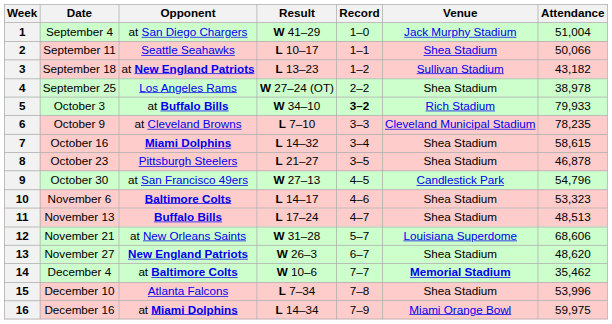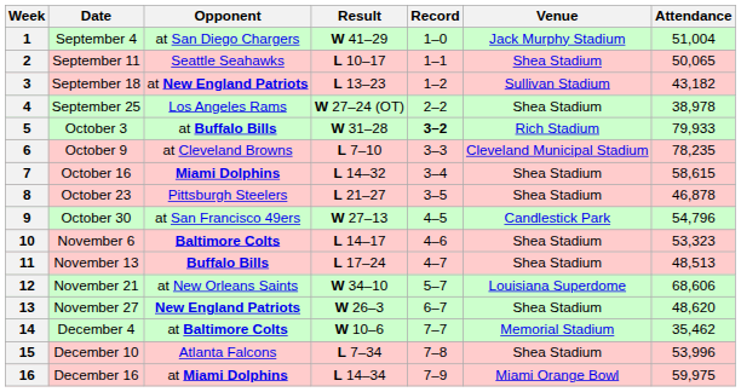 <table class="wikitable" style="text-align:center">
 <tr>
 <th>Week</th>
 <th>Date</th>
 <th>Opponent</th>
 <th>Result</th>
 <th>Record</th>
 <th>Venue</th>
 <th>Attendance</th>
 </tr>
 <tr style="background:#cfc">
 <th>1</th>
 <td>September 4</td>
 <td>at <a href='#'>San Diego Chargers</a></td>
 <td><strong>W</strong> 41–29</td>
 <td>1–0</td>
 <td><a href='#'>Jack Murphy Stadium</a></td>
 <td>51,004</td>
 </tr>
 <tr style="background:#fcc">
 <th>2</th>
 <td>September 11</td>
 <td><a href='#'>Seattle Seahawks</a></td>
 <td><strong>L</strong> 10–17</td>
 <td>1–1</td>
 <td><a href='#'>Shea Stadium</a></td>
-<td>50,066</td>
+<td>50,065</td>
 </tr>
 <tr style="background:#fcc">
 <th>3</th>
 <td>September 18</td>
 <td>at <strong><a href='#'>New England Patriots</a></strong></td>
 <td><strong>L</strong> 13–23</td>
 <td>1–2</td>
 <td><a href='#'>Sullivan Stadium</a></td>
 <td>43,182</td>
 </tr>
 <tr style="background:#cfc">
 <th>4</th>
 <td>September 25</td>
 <td><a href='#'>Los Angeles Rams</a></td>
 <td><strong>W</strong> 27–24 (OT)</td>
 <td>2–2</td>
 <td>Shea Stadium</td>
 <td>38,978</td>
 </tr>
 <tr style="background:#cfc">
 <th>5</th>
 <td>October 3</td>
 <td>at <strong><a href='#'>Buffalo Bills</a></strong></td>
-<td><strong>W</strong> 34–10</td>
+<td><strong>W</strong> 31–28</td>
 <td><strong>3–2</strong></td>
 <td><a href='#'>Rich Stadium</a></td>
 <td>79,933</td>
 </tr>
 <tr style="background:#fcc">
 <th>6</th>
 <td>October 9</td>
 <td>at <a href='#'>Cleveland Browns</a></td>
 <td><strong>L</strong> 7–10</td>
 <td>3–3</td>
 <td><a href='#'>Cleveland Municipal Stadium</a></td>
 <td>78,235</td>
 </tr>
 <tr style="background:#fcc">
 <th>7</th>
 <td>October 16</td>
 <td><strong><a href='#'>Miami Dolphins</a></strong></td>
 <td><strong>L</strong> 14–32</td>
 <td>3–4</td>
 <td>Shea Stadium</td>
 <td>58,615</td>
 </tr>
 <tr style="background:#fcc">
 <th>8</th>
 <td>October 23</td>
 <td><a href='#'>Pittsburgh Steelers</a></td>
 <td><strong>L</strong> 21–27</td>
 <td>3–5</td>
 <td>Shea Stadium</td>
 <td>46,878</td>
 </tr>
 <tr style="background:#cfc">
 <th>9</th>
 <td>October 30</td>
 <td>at <a href='#'>San Francisco 49ers</a></td>
 <td><strong>W</strong> 27–13</td>
 <td>4–5</td>
 <td><a href='#'>Candlestick Park</a></td>
 <td>54,796</td>
 </tr>
 <tr style="background:#fcc">
 <th>10</th>
 <td>November 6</td>
 <td><strong><a href='#'>Baltimore Colts</a></strong></td>
 <td><strong>L</strong> 14–17</td>
 <td>4–6</td>
 <td>Shea Stadium</td>
 <td>53,323</td>
 </tr>
 <tr style="background:#fcc">
 <th>11</th>
 <td>November 13</td>
 <td><strong><a href='#'>Buffalo Bills</a></strong></td>
 <td><strong>L</strong> 17–24</td>
 <td>4–7</td>
 <td>Shea Stadium</td>
 <td>48,513</td>
 </tr>
 <tr style="background:#cfc">
 <th>12</th>
 <td>November 21</td>
 <td>at <a href='#'>New Orleans Saints</a></td>
-<td><strong>W</strong> 31–28</td>
+<td><strong>W</strong> 34–10</td>
 <td>5–7</td>
 <td><a href='#'>Louisiana Superdome</a></td>
 <td>68,606</td>
 </tr>
 <tr style="background:#cfc">
 <th>13</th>
 <td>November 27</td>
 <td><strong><a href='#'>New England Patriots</a></strong></td>
 <td><strong>W</strong> 26–3</td>
 <td>6–7</td>
 <td>Shea Stadium</td>
 <td>48,620</td>
 </tr>
 <tr style="background:#cfc">
 <th>14</th>
 <td>December 4</td>
 <td>at <strong><a href='#'>Baltimore Colts</a></strong></td>
 <td><strong>W</strong> 10–6</td>
 <td>7–7</td>
-<td><strong><a href='#'>Memorial Stadium</a></strong></td>
+<td><a href='#'>Memorial Stadium</a></td>
 <td>35,462</td>
 </tr>
 <tr style="background:#fcc">
 <th>15</th>
 <td>December 10</td>
 <td><a href='#'>Atlanta Falcons</a></td>
 <td><strong>L</strong> 7–34</td>
 <td>7–8</td>
 <td>Shea Stadium</td>
 <td>53,996</td>
 </tr>
 <tr style="background:#fcc">
 <th>16</th>
 <td>December 16</td>
 <td>at <strong><a href='#'>Miami Dolphins</a></strong></td>
 <td><strong>L</strong> 14–34</td>
 <td>7–9</td>
 <td><a href='#'>Miami Orange Bowl</a></td>
 <td>59,975</td>
 </tr>
 </table>
